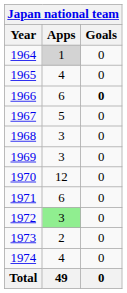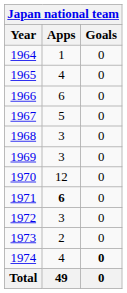 <table class="wikitable" style="text-align:center">
 <tr>
 <th colspan=3><a href='#'>Japan national team</a></th>
 </tr>
 <tr>
 <th>Year</th>
 <th>Apps</th>
 <th>Goals</th>
 </tr>
 <tr>
 <td><a href='#'>1964</a></td>
-<td style="background: lightgrey;">1</td>
+<td>1</td>
 <td>0</td>
 </tr>
 <tr>
 <td><a href='#'>1965</a></td>
 <td>4</td>
 <td>0</td>
 </tr>
 <tr>
 <td><a href='#'>1966</a></td>
 <td>6</td>
-<td><strong>0</strong></td>
+<td>0</td>
 </tr>
 <tr>
 <td><a href='#'>1967</a></td>
 <td>5</td>
 <td>0</td>
 </tr>
 <tr>
 <td><a href='#'>1968</a></td>
 <td>3</td>
 <td>0</td>
 </tr>
 <tr>
 <td><a href='#'>1969</a></td>
 <td>3</td>
 <td>0</td>
 </tr>
 <tr>
 <td><a href='#'>1970</a></td>
 <td>12</td>
 <td>0</td>
 </tr>
 <tr>
 <td><a href='#'>1971</a></td>
-<td>6</td>
+<td><strong>6</strong></td>
 <td>0</td>
 </tr>
 <tr>
 <td><a href='#'>1972</a></td>
-<td style="background: lightgreen;">3</td>
+<td>3</td>
 <td>0</td>
 </tr>
 <tr>
 <td><a href='#'>1973</a></td>
 <td>2</td>
 <td>0</td>
 </tr>
 <tr>
 <td><a href='#'>1974</a></td>
 <td>4</td>
-<td>0</td>
+<td><strong>0</strong></td>
 </tr>
 <tr>
 <th>Total</th>
 <th>49</th>
 <th>0</th>
 </tr>
 </table>
